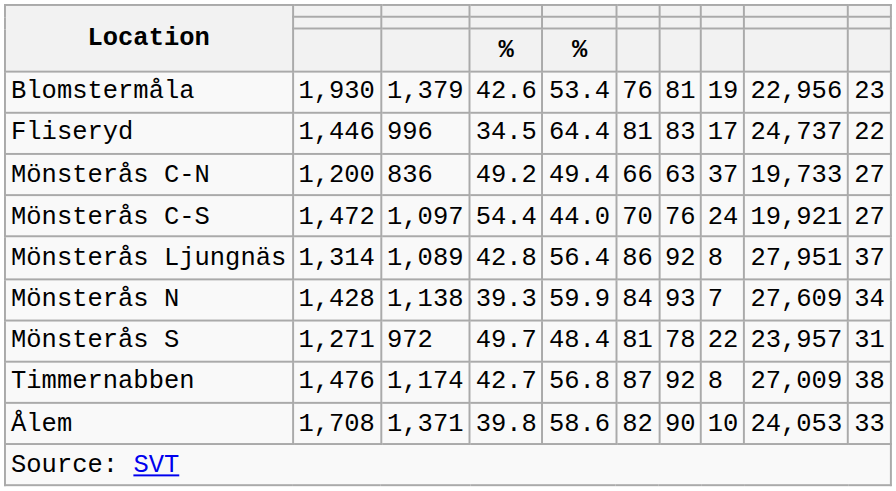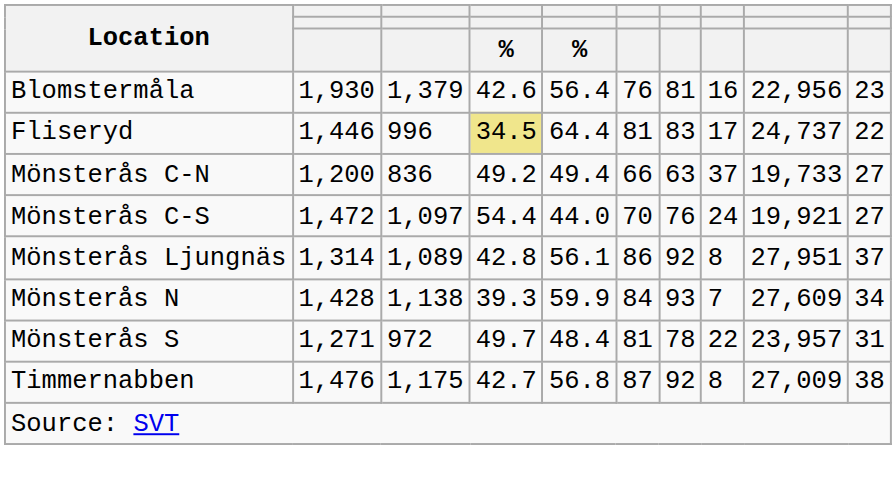 <table role="presentation" class="wikitable sortable mw-collapsible">
 <tr>
 <th rowspan="3">Location</th>
 <th></th>
 <th></th>
 <th></th>
 <th></th>
 <th></th>
 <th></th>
 <th></th>
 <th></th>
 <th></th>
 </tr>
 <tr>
 <th></th>
 <th></th>
 <th style="background:"></th>
 <th style="background:"></th>
 <th></th>
 <th></th>
 <th></th>
 <th></th>
 <th></th>
 </tr>
 <tr>
 <th data-sort-type="number"></th>
 <th data-sort-type="number"></th>
 <th data-sort-type="number">%</th>
 <th data-sort-type="number">%</th>
 <th data-sort-type="number"></th>
 <th data-sort-type="number"></th>
 <th data-sort-type="number"></th>
 <th data-sort-type="number"></th>
 <th data-sort-type="number"></th>
 </tr>
 <tr>
 <td align="left">Blomstermåla</td>
 <td>1,930</td>
 <td>1,379</td>
 <td>42.6</td>
-<td>53.4</td>
+<td>56.4</td>
 <td>76</td>
 <td>81</td>
-<td>19</td>
+<td>16</td>
 <td>22,956</td>
 <td>23</td>
 </tr>
 <tr>
 <td align="left">Fliseryd</td>
 <td>1,446</td>
 <td>996</td>
-<td>34.5</td>
+<td style="background: khaki;">34.5</td>
 <td>64.4</td>
 <td>81</td>
 <td>83</td>
 <td>17</td>
 <td>24,737</td>
 <td>22</td>
 </tr>
 <tr>
 <td align="left">Mönsterås C-N</td>
 <td>1,200</td>
 <td>836</td>
 <td>49.2</td>
 <td>49.4</td>
 <td>66</td>
 <td>63</td>
 <td>37</td>
 <td>19,733</td>
 <td>27</td>
 </tr>
 <tr>
 <td align="left">Mönsterås C-S</td>
 <td>1,472</td>
 <td>1,097</td>
 <td>54.4</td>
 <td>44.0</td>
 <td>70</td>
 <td>76</td>
 <td>24</td>
 <td>19,921</td>
 <td>27</td>
 </tr>
 <tr>
 <td align="left">Mönsterås Ljungnäs</td>
 <td>1,314</td>
 <td>1,089</td>
 <td>42.8</td>
-<td>56.4</td>
+<td>56.1</td>
 <td>86</td>
 <td>92</td>
 <td>8</td>
 <td>27,951</td>
 <td>37</td>
 </tr>
 <tr>
 <td align="left">Mönsterås N</td>
 <td>1,428</td>
 <td>1,138</td>
 <td>39.3</td>
 <td>59.9</td>
 <td>84</td>
 <td>93</td>
 <td>7</td>
 <td>27,609</td>
 <td>34</td>
 </tr>
 <tr>
 <td align="left">Mönsterås S</td>
 <td>1,271</td>
 <td>972</td>
 <td>49.7</td>
 <td>48.4</td>
 <td>81</td>
 <td>78</td>
 <td>22</td>
 <td>23,957</td>
 <td>31</td>
 </tr>
 <tr>
 <td align="left">Timmernabben</td>
 <td>1,476</td>
-<td>1,174</td>
+<td>1,175</td>
 <td>42.7</td>
 <td>56.8</td>
 <td>87</td>
 <td>92</td>
 <td>8</td>
 <td>27,009</td>
 <td>38</td>
 </tr>
 <tr>
-<td align="left">Ålem</td>
-<td>1,708</td>
-<td>1,371</td>
-<td>39.8</td>
-<td>58.6</td>
-<td>82</td>
-<td>90</td>
-<td>10</td>
-<td>24,053</td>
-<td>33</td>
-</tr>
-<tr>
 <td colspan="10" align="left">Source: <a href='#'>SVT</a></td>
 </tr>
 </table>
